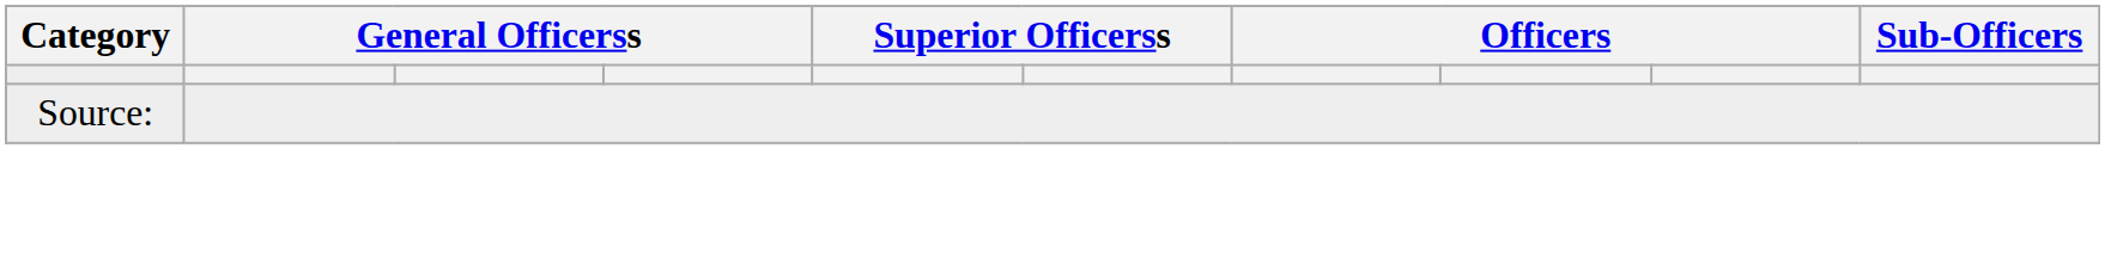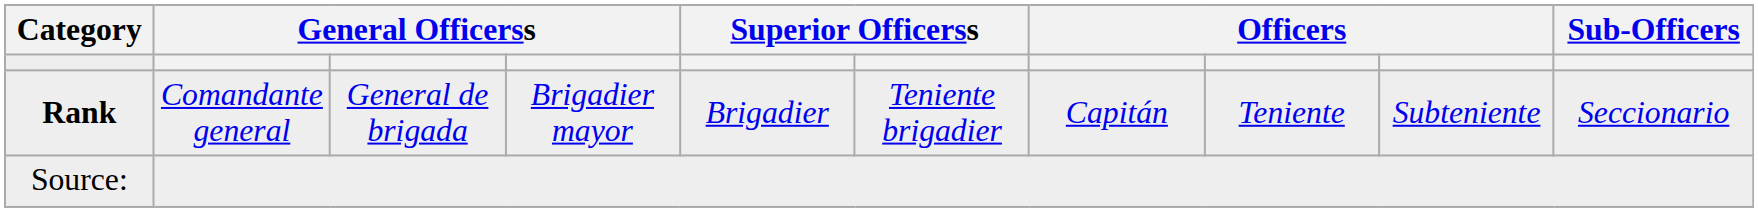 <table class="wikitable" style="border:1px solid #8888aa; background-color:#eeeeee; padding:5px; font-size:100%; margin: 0px 2px 2px 0px;width:100%">
 <tr>
 <th>Category</th>
 <th colspan="3"><a href='#'>General Officers</a>s</th>
 <th colspan="2"><a href='#'>Superior Officers</a>s</th>
 <th colspan="3"><a href='#'>Officers</a></th>
 <th><a href='#'>Sub-Officers</a></th>
 </tr>
 <tr align="center">
 <td></td>
 <th width="10%" style="align:center"></th>
 <th width="10%" style="align:center"></th>
 <th width="10%" style="align:center"></th>
 <th width="10%" style="align:center"></th>
 <th width="10%" style="align:center"></th>
 <th width="10%" style="align:center"></th>
 <th width="10%" style="align:center"></th>
 <th width="10%" style="align:center"></th>
 <th></th>
 </tr>
 <tr align="center">
+<td><strong>Rank</strong></td>
+<td><em><a href='#'>Comandante general</a></em></td>
+<td><em><a href='#'>General de brigada</a></em></td>
+<td><em><a href='#'>Brigadier mayor</a></em></td>
+<td><em><a href='#'>Brigadier</a></em></td>
+<td><em><a href='#'>Teniente brigadier</a></em></td>
+<td><em><a href='#'>Capitán</a></em></td>
+<td><em><a href='#'>Teniente</a></em></td>
+<td><em><a href='#'>Subteniente</a></em></td>
+<td><em><a href='#'>Seccionario</a></em></td>
+</tr>
+<tr align="center">
 <td>Source:</td>
 <td colspan=9></td>
 </tr>
 </table>
